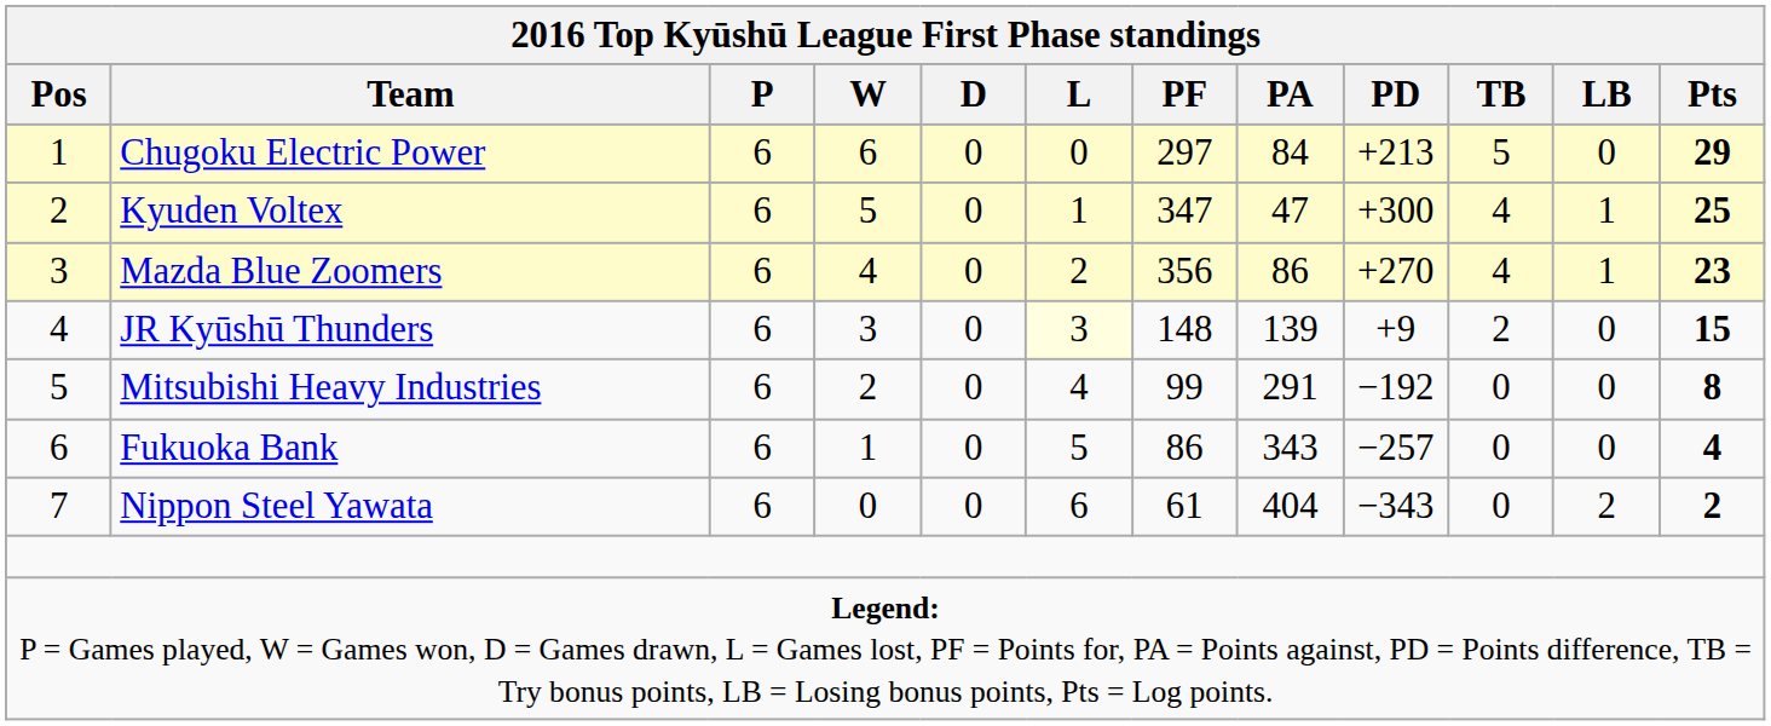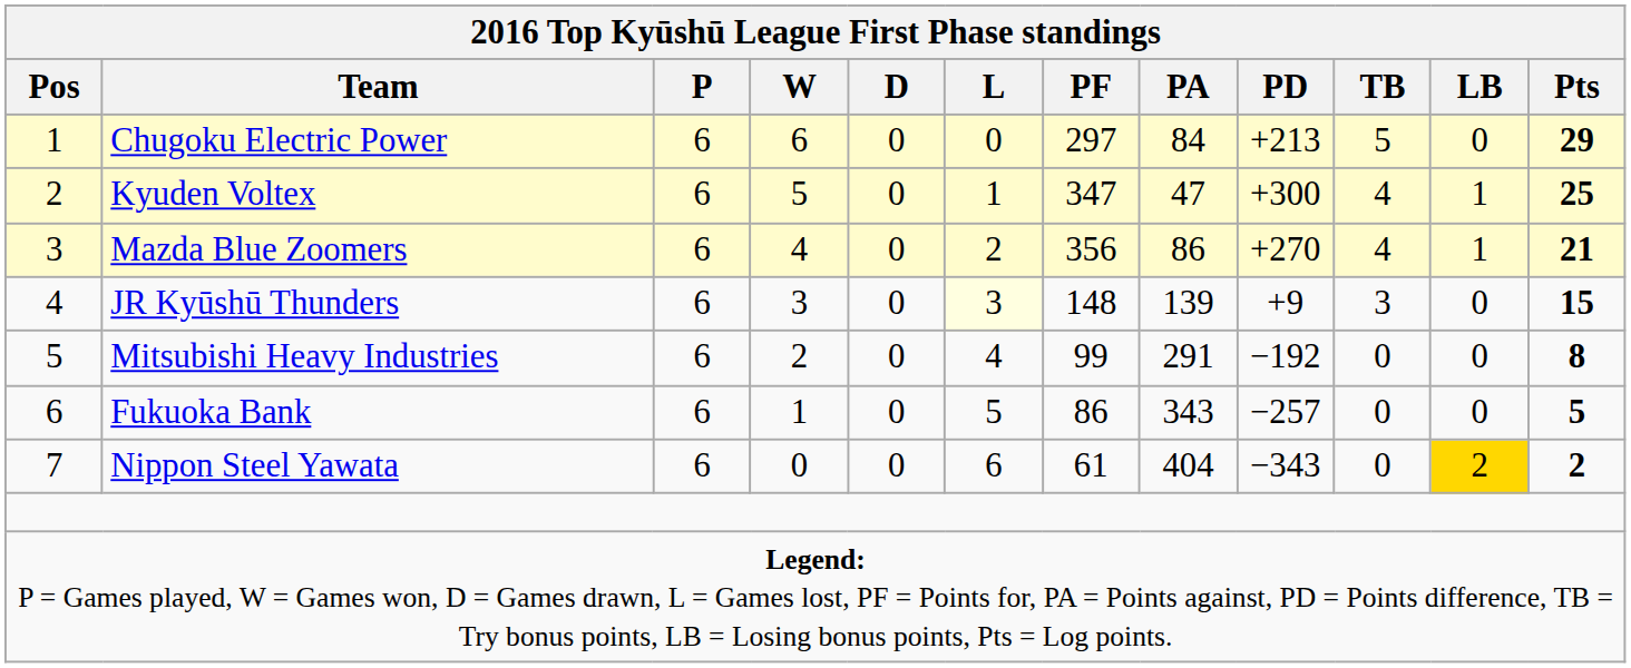 <table class="wikitable" style="text-align:center; font-size:100%; width:60%;">
 <tr>
 <th colspan="100%" cellpadding="0" cellspacing="0"><strong>2016 Top Kyūshū League First Phase standings</strong></th>
 </tr>
 <tr>
 <th style="width:6%;">Pos</th>
 <th style="width:34%;">Team</th>
 <th style="width:6%;">P</th>
 <th style="width:6%;">W</th>
 <th style="width:6%;">D</th>
 <th style="width:6%;">L</th>
 <th style="width:6%;">PF</th>
 <th style="width:6%;">PA</th>
 <th style="width:6%;">PD</th>
 <th style="width:6%;">TB</th>
 <th style="width:6%;">LB</th>
 <th style="width:6%;">Pts<br></th>
 </tr>
 <tr style="background:#FFFCCC;">
 <td>1</td>
 <td style="text-align:left;"><a href='#'>Chugoku Electric Power</a></td>
 <td>6</td>
 <td>6</td>
 <td>0</td>
 <td>0</td>
 <td>297</td>
 <td>84</td>
 <td>+213</td>
 <td>5</td>
 <td>0</td>
 <td><strong>29</strong></td>
 </tr>
 <tr style="background:#FFFCCC;">
 <td>2</td>
 <td style="text-align:left;"><a href='#'>Kyuden Voltex</a></td>
 <td>6</td>
 <td>5</td>
 <td>0</td>
 <td>1</td>
 <td>347</td>
 <td>47</td>
 <td>+300</td>
 <td>4</td>
 <td>1</td>
 <td><strong>25</strong></td>
 </tr>
 <tr style="background:#FFFCCC;">
 <td>3</td>
 <td style="text-align:left;"><a href='#'>Mazda Blue Zoomers</a></td>
 <td>6</td>
 <td>4</td>
 <td>0</td>
 <td>2</td>
 <td>356</td>
 <td>86</td>
 <td>+270</td>
 <td>4</td>
 <td>1</td>
-<td><strong>23</strong></td>
+<td><strong>21</strong></td>
 </tr>
 <tr>
 <td>4</td>
 <td style="text-align:left;"><a href='#'>JR Kyūshū Thunders</a></td>
 <td>6</td>
 <td>3</td>
 <td>0</td>
 <td style="background: lightyellow;">3</td>
 <td>148</td>
 <td>139</td>
 <td>+9</td>
-<td>2</td>
+<td>3</td>
 <td>0</td>
 <td><strong>15</strong></td>
 </tr>
 <tr>
 <td>5</td>
 <td style="text-align:left;"><a href='#'>Mitsubishi Heavy Industries</a></td>
 <td>6</td>
 <td>2</td>
 <td>0</td>
 <td>4</td>
 <td>99</td>
 <td>291</td>
 <td>−192</td>
 <td>0</td>
 <td>0</td>
 <td><strong>8</strong></td>
 </tr>
 <tr>
 <td>6</td>
 <td style="text-align:left;"><a href='#'>Fukuoka Bank</a></td>
 <td>6</td>
 <td>1</td>
 <td>0</td>
 <td>5</td>
 <td>86</td>
 <td>343</td>
 <td>−257</td>
 <td>0</td>
 <td>0</td>
-<td><strong>4</strong></td>
+<td><strong>5</strong></td>
 </tr>
 <tr>
 <td>7</td>
 <td style="text-align:left;"><a href='#'>Nippon Steel Yawata</a></td>
 <td>6</td>
 <td>0</td>
 <td>0</td>
 <td>6</td>
 <td>61</td>
 <td>404</td>
 <td>−343</td>
 <td>0</td>
-<td>2</td>
+<td style="background: gold;">2</td>
 <td><strong>2</strong></td>
 </tr>
 <tr>
 <td colspan="100%" style="height:10px;"></td>
 </tr>
 <tr>
 <td colspan="100%"><small><strong>Legend:</strong> <br> P = Games played, W = Games won, D = Games drawn, L = Games lost, PF = Points for, PA = Points against, PD = Points difference, TB = Try bonus points, LB = Losing bonus points, Pts = Log points.</small></td>
 </tr>
 </table>
